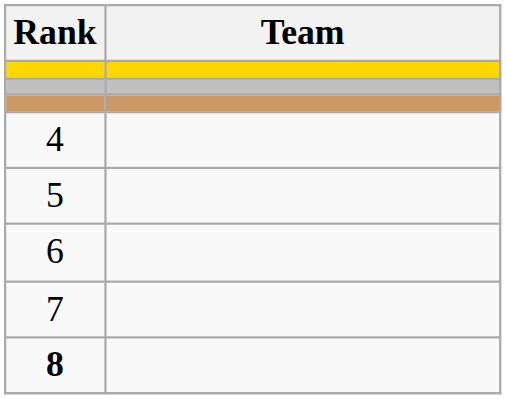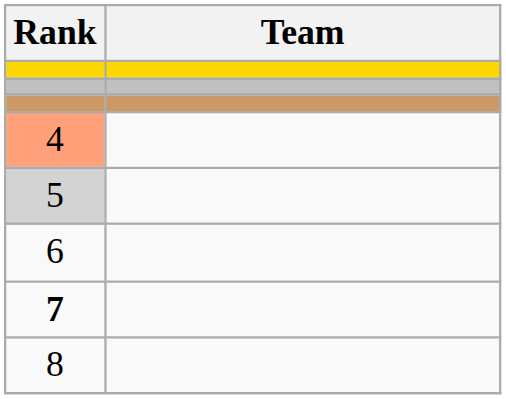 <table class="wikitable">
 <tr>
 <th>Rank</th>
 <th width=170>Team</th>
 </tr>
 <tr bgcolor=gold>
 <td align=center></td>
 <td></td>
 </tr>
 <tr bgcolor=silver>
 <td align=center></td>
 <td></td>
 </tr>
 <tr bgcolor=#cc9966>
 <td align=center></td>
 <td></td>
 </tr>
 <tr>
-<td align=center>4</td>
+<td align=center style="background: lightsalmon;">4</td>
 <td></td>
 </tr>
 <tr>
-<td align=center>5</td>
+<td align=center style="background: lightgrey;">5</td>
 <td></td>
 </tr>
 <tr>
 <td align=center>6</td>
 <td></td>
 </tr>
 <tr>
-<td align=center>7</td>
+<td align=center><strong>7</strong></td>
 <td></td>
 </tr>
 <tr>
-<td align=center><strong>8</strong></td>
+<td align=center>8</td>
 <td></td>
 </tr>
 <tr>
 </tr>
 </table>
